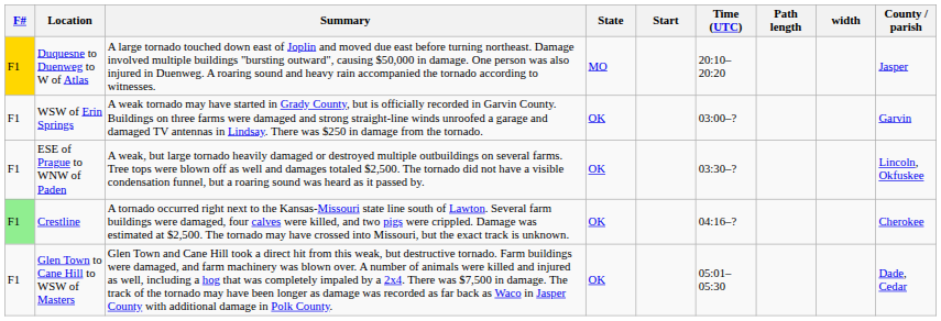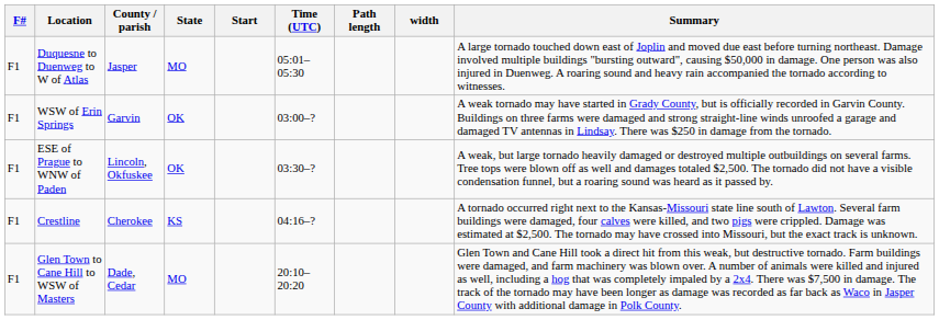 <table class="wikitable sortable" style="width:100%;">
 <tr>
 <th scope="col"  style="width:3%; text-align:center;"><a href='#'>F#</a></th>
 <th scope="col"  style="width:7%; text-align:center;" class="unsortable">Location</th>
-<th scope="col" class="unsortable" style="width:48%; text-align:center;">Summary</th>
+<th scope="col"  style="width:6%; text-align:center;" class="unsortable">County / parish</th>
 <th scope="col"  style="width:5%; text-align:center;">State</th>
 <th scope="col"  style="width:6%; text-align:center;">Start<br></th>
 <th scope="col"  style="width:6%; text-align:center;">Time (<a href='#'>UTC</a>)</th>
 <th scope="col"  style="width:6%; text-align:center;">Path length</th>
 <th scope="col"  style="width:6%; text-align:center;"> width</th>
-<th scope="col"  style="width:6%; text-align:center;" class="unsortable">County / parish</th>
+<th scope="col" class="unsortable" style="width:48%; text-align:center;">Summary</th>
 </tr>
 <tr>
-<td style="background: gold;">F1</td>
+<td>F1</td>
 <td><a href='#'>Duquesne</a> to <a href='#'>Duenweg</a> to W of <a href='#'>Atlas</a></td>
+<td><a href='#'>Jasper</a></td>
+<td><a href='#'>MO</a></td>
+<td></td>
+<td>05:01–05:30</td>
+<td></td>
+<td></td>
 <td>A large tornado touched down east of <a href='#'>Joplin</a> and moved due east before turning northeast. Damage involved multiple buildings "bursting outward", causing $50,000 in damage. One person was also injured in Duenweg. A roaring sound and heavy rain accompanied the tornado according to witnesses.</td>
+</tr>
+<tr>
+<td>F1</td>
+<td>WSW of <a href='#'>Erin Springs</a></td>
+<td><a href='#'>Garvin</a></td>
+<td><a href='#'>OK</a></td>
+<td></td>
+<td>03:00–?</td>
+<td></td>
+<td></td>
+<td>A weak tornado may have started in <a href='#'>Grady County</a>, but is officially recorded in Garvin County. Buildings on three farms were damaged and strong straight-line winds unroofed a garage and damaged TV antennas in <a href='#'>Lindsay</a>. There was $250 in damage from the tornado.</td>
+</tr>
+<tr>
+<td>F1</td>
+<td>ESE of <a href='#'>Prague</a> to WNW of <a href='#'>Paden</a></td>
+<td><a href='#'>Lincoln</a>, <a href='#'>Okfuskee</a></td>
+<td><a href='#'>OK</a></td>
+<td></td>
+<td>03:30–?</td>
+<td></td>
+<td></td>
+<td>A weak, but large tornado heavily damaged or destroyed multiple outbuildings on several farms. Tree tops were blown off as well and damages totaled $2,500. The tornado did not have a visible condensation funnel, but a roaring sound was heard as it passed by.</td>
+</tr>
+<tr>
+<td>F1</td>
+<td><a href='#'>Crestline</a></td>
+<td><a href='#'>Cherokee</a></td>
+<td><a href='#'>KS</a></td>
+<td></td>
+<td>04:16–?</td>
+<td></td>
+<td></td>
+<td>A tornado occurred right next to the Kansas-<a href='#'>Missouri</a> state line south of <a href='#'>Lawton</a>. Several farm buildings were damaged, four <a href='#'>calves</a> were killed, and two <a href='#'>pigs</a> were crippled. Damage was estimated at $2,500. The tornado may have crossed into Missouri, but the exact track is unknown.</td>
+</tr>
+<tr>
+<td>F1</td>
+<td><a href='#'>Glen Town</a> to <a href='#'>Cane Hill</a> to WSW of <a href='#'>Masters</a></td>
+<td><a href='#'>Dade</a>, <a href='#'>Cedar</a></td>
 <td><a href='#'>MO</a></td>
 <td></td>
 <td>20:10–20:20</td>
 <td></td>
 <td></td>
-<td><a href='#'>Jasper</a></td>
-</tr>
-<tr>
-<td>F1</td>
-<td>WSW of <a href='#'>Erin Springs</a></td>
-<td>A weak tornado may have started in <a href='#'>Grady County</a>, but is officially recorded in Garvin County. Buildings on three farms were damaged and strong straight-line winds unroofed a garage and damaged TV antennas in <a href='#'>Lindsay</a>. There was $250 in damage from the tornado.</td>
-<td><a href='#'>OK</a></td>
-<td></td>
-<td>03:00–?</td>
-<td></td>
-<td></td>
-<td><a href='#'>Garvin</a></td>
-</tr>
-<tr>
-<td>F1</td>
-<td>ESE of <a href='#'>Prague</a> to WNW of <a href='#'>Paden</a></td>
-<td>A weak, but large tornado heavily damaged or destroyed multiple outbuildings on several farms. Tree tops were blown off as well and damages totaled $2,500. The tornado did not have a visible condensation funnel, but a roaring sound was heard as it passed by.</td>
-<td><a href='#'>OK</a></td>
-<td></td>
-<td>03:30–?</td>
-<td></td>
-<td></td>
-<td><a href='#'>Lincoln</a>, <a href='#'>Okfuskee</a></td>
-</tr>
-<tr>
-<td style="background: lightgreen;">F1</td>
-<td><a href='#'>Crestline</a></td>
-<td>A tornado occurred right next to the Kansas-<a href='#'>Missouri</a> state line south of <a href='#'>Lawton</a>. Several farm buildings were damaged, four <a href='#'>calves</a> were killed, and two <a href='#'>pigs</a> were crippled. Damage was estimated at $2,500. The tornado may have crossed into Missouri, but the exact track is unknown.</td>
-<td><a href='#'>OK</a></td>
-<td></td>
-<td>04:16–?</td>
-<td></td>
-<td></td>
-<td><a href='#'>Cherokee</a></td>
-</tr>
-<tr>
-<td>F1</td>
-<td><a href='#'>Glen Town</a> to <a href='#'>Cane Hill</a> to WSW of <a href='#'>Masters</a></td>
 <td>Glen Town and Cane Hill took a direct hit from this weak, but destructive tornado. Farm buildings were damaged, and farm machinery was blown over. A number of animals were killed and injured as well, including a <a href='#'>hog</a> that was completely impaled by a <a href='#'>2x4</a>. There was $7,500 in damage. The track of the tornado may have been longer as damage was recorded as far back as <a href='#'>Waco</a> in <a href='#'>Jasper County</a> with additional damage in <a href='#'>Polk County</a>.</td>
-<td><a href='#'>OK</a></td>
-<td></td>
-<td>05:01–05:30</td>
-<td></td>
-<td></td>
-<td><a href='#'>Dade</a>, <a href='#'>Cedar</a></td>
 </tr>
 </table>
